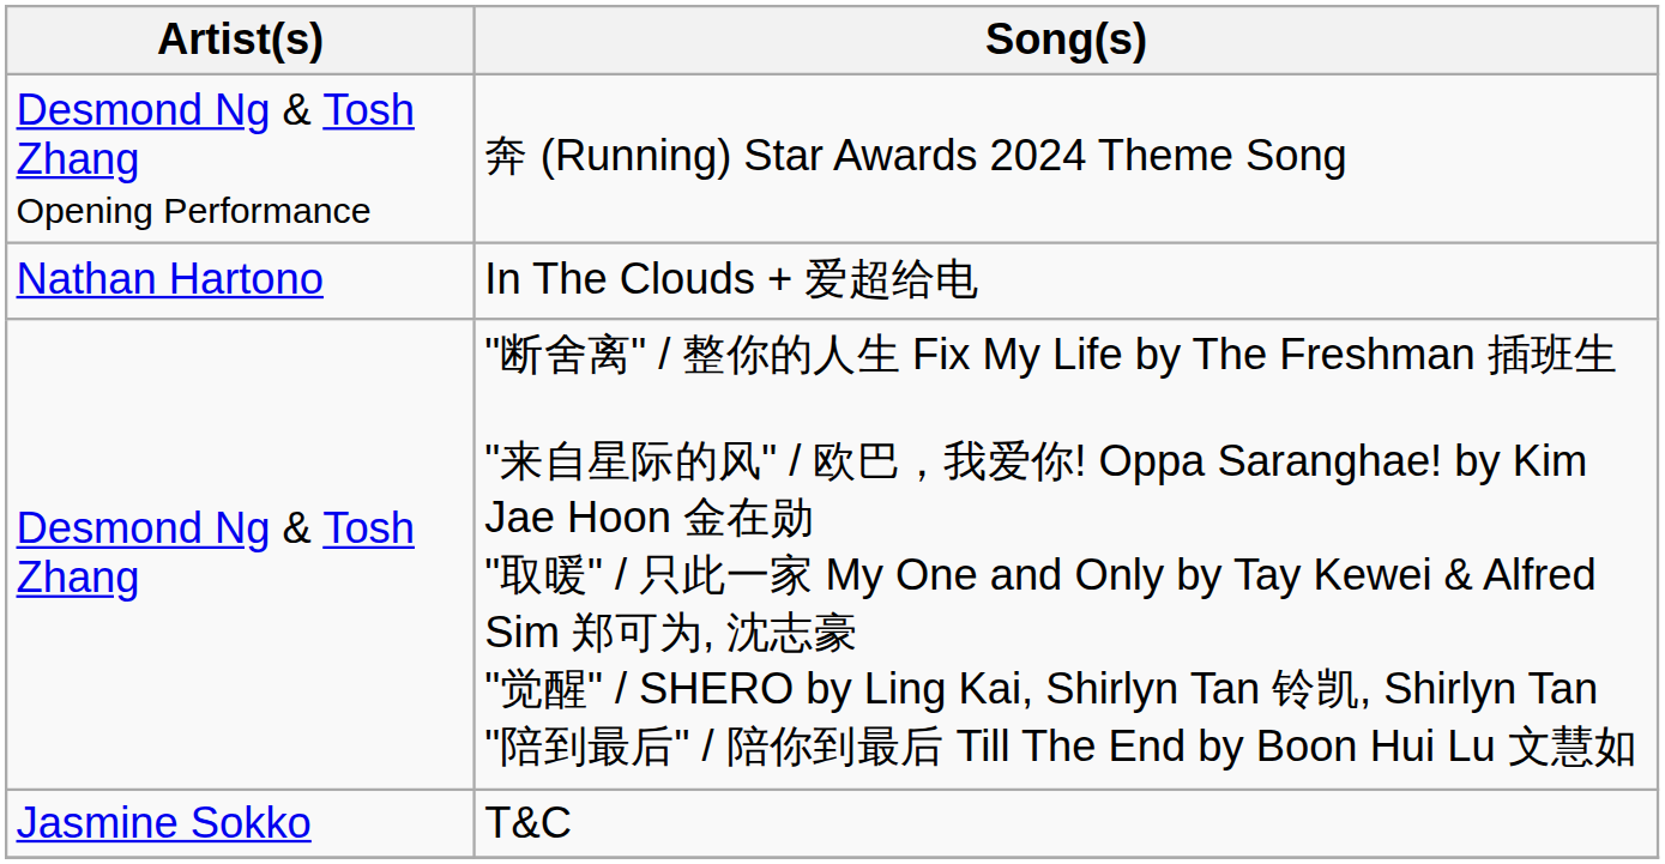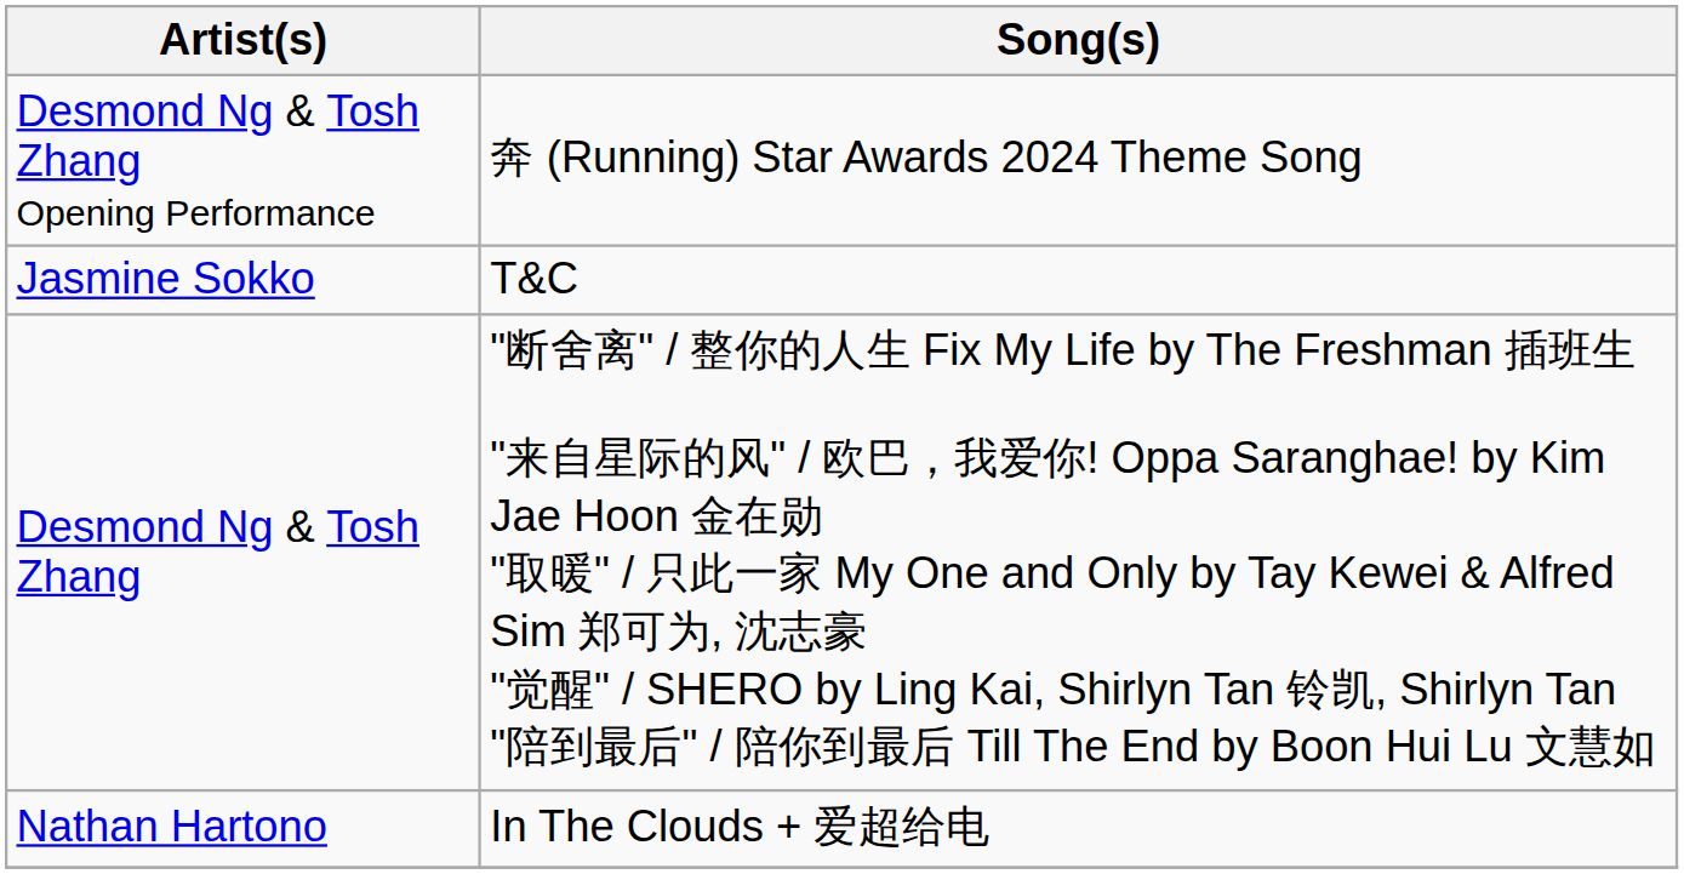 <table class="wikitable plainrowheaders">
 <tr>
 <th scope="col">Artist(s)</th>
 <th scope="col">Song(s)</th>
 </tr>
 <tr>
 <td><a href='#'>Desmond Ng</a> & <a href='#'>Tosh Zhang</a><br> <small>Opening Performance</small></td>
 <td>奔 (Running) Star Awards 2024 Theme Song</td>
 </tr>
 <tr>
-<td><a href='#'>Nathan Hartono</a></td>
-<td>In The Clouds + 爱超给电</td>
+<td><a href='#'>Jasmine Sokko</a></td>
+<td>T&C</td>
 </tr>
 <tr>
 <td><a href='#'>Desmond Ng</a> & <a href='#'>Tosh Zhang</a></td>
 <td>"断舍离" / 整你的人生 Fix My Life by The Freshman 插班生<br><br>"来自星际的风" / 欧巴，我爱你! Oppa Saranghae! by Kim Jae Hoon 金在勋<br> "取暖" / 只此一家 My One and Only by Tay Kewei & Alfred Sim 郑可为, 沈志豪<br> "觉醒" / SHERO by Ling Kai, Shirlyn Tan 铃凯, Shirlyn Tan<br> "陪到最后" / 陪你到最后 Till The End by Boon Hui Lu 文慧如</td>
 </tr>
 <tr>
-<td><a href='#'>Jasmine Sokko</a></td>
-<td>T&C</td>
+<td><a href='#'>Nathan Hartono</a></td>
+<td>In The Clouds + 爱超给电</td>
 </tr>
 <tr>
 </tr>
 </table>
